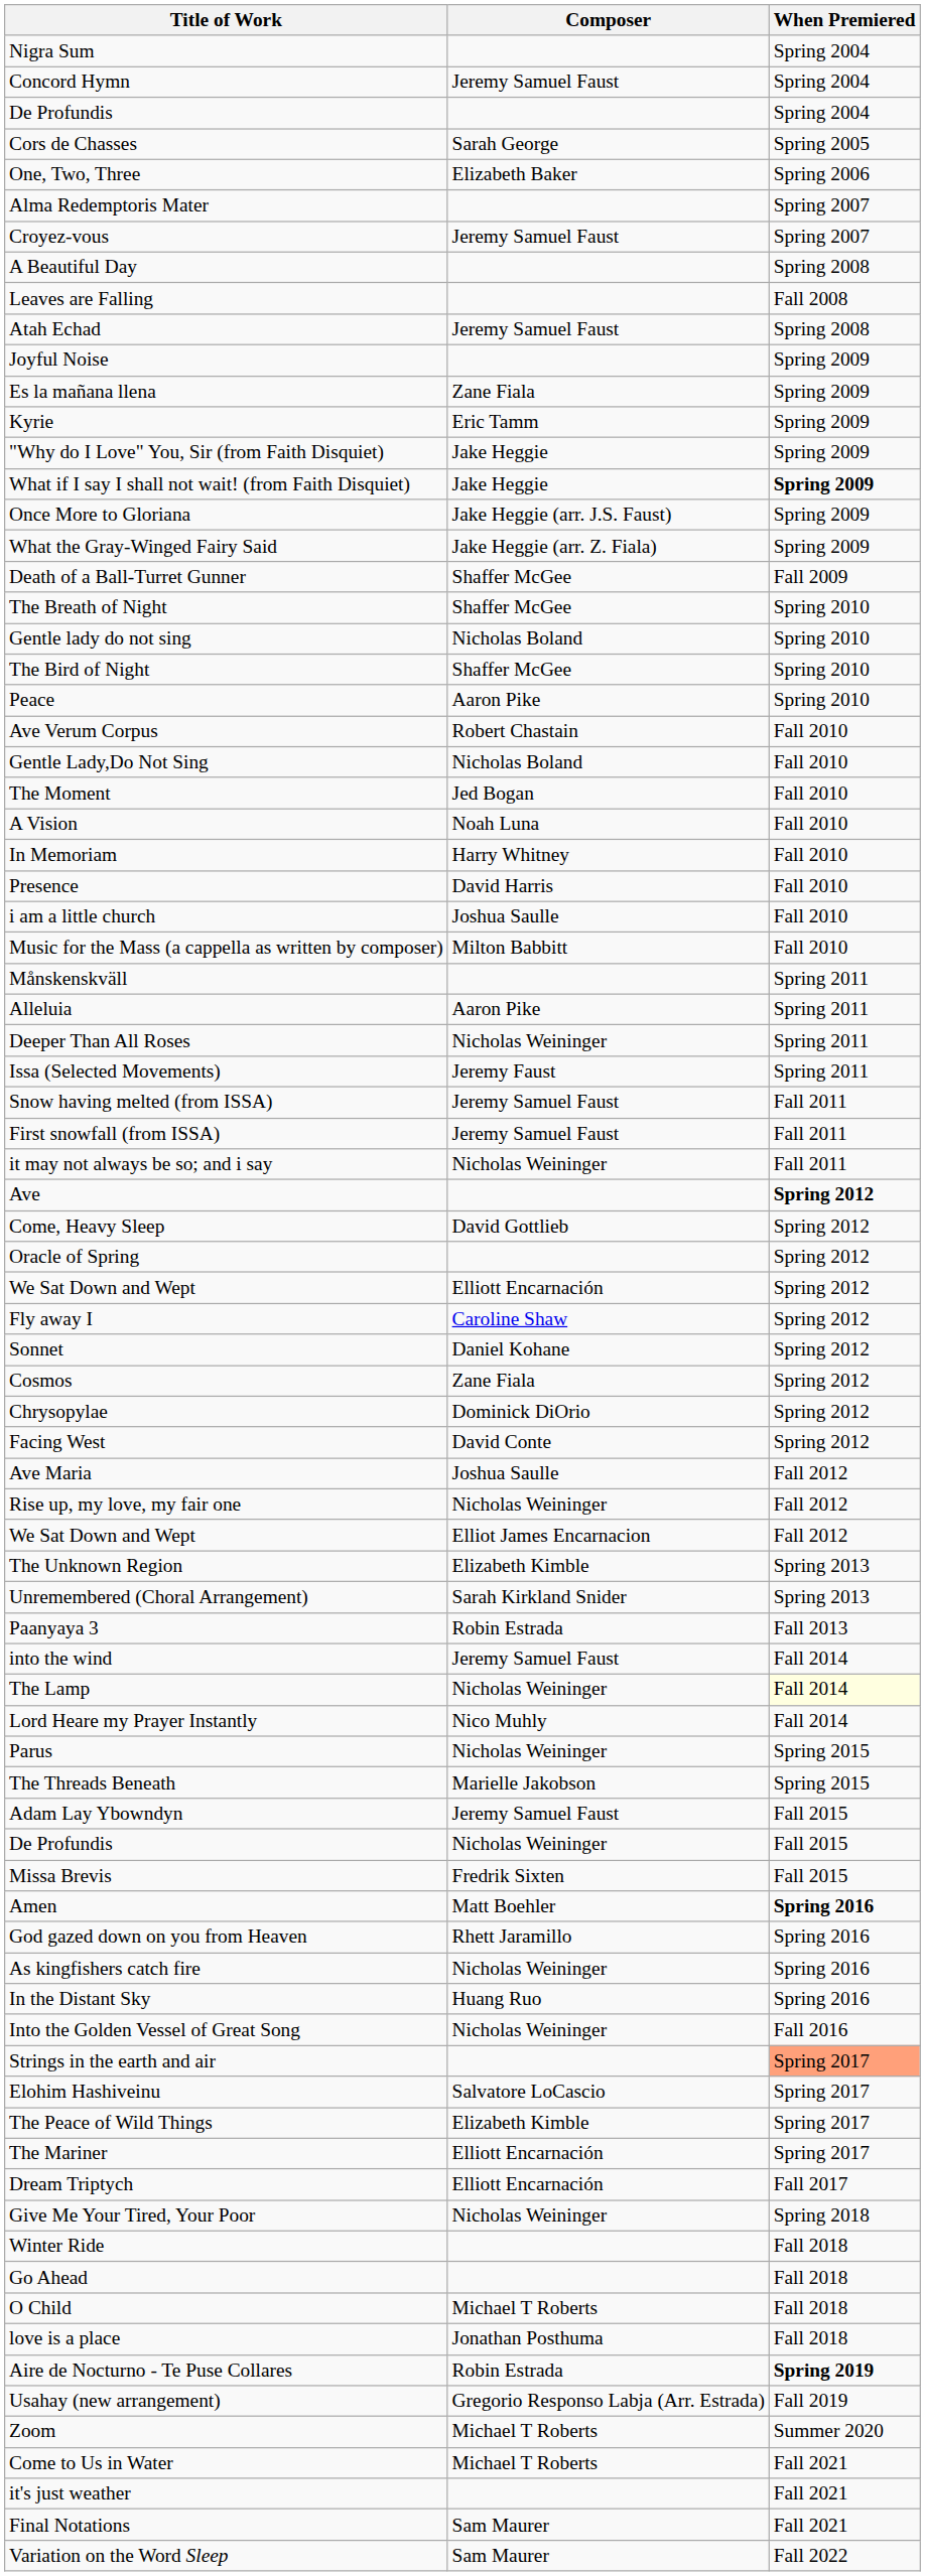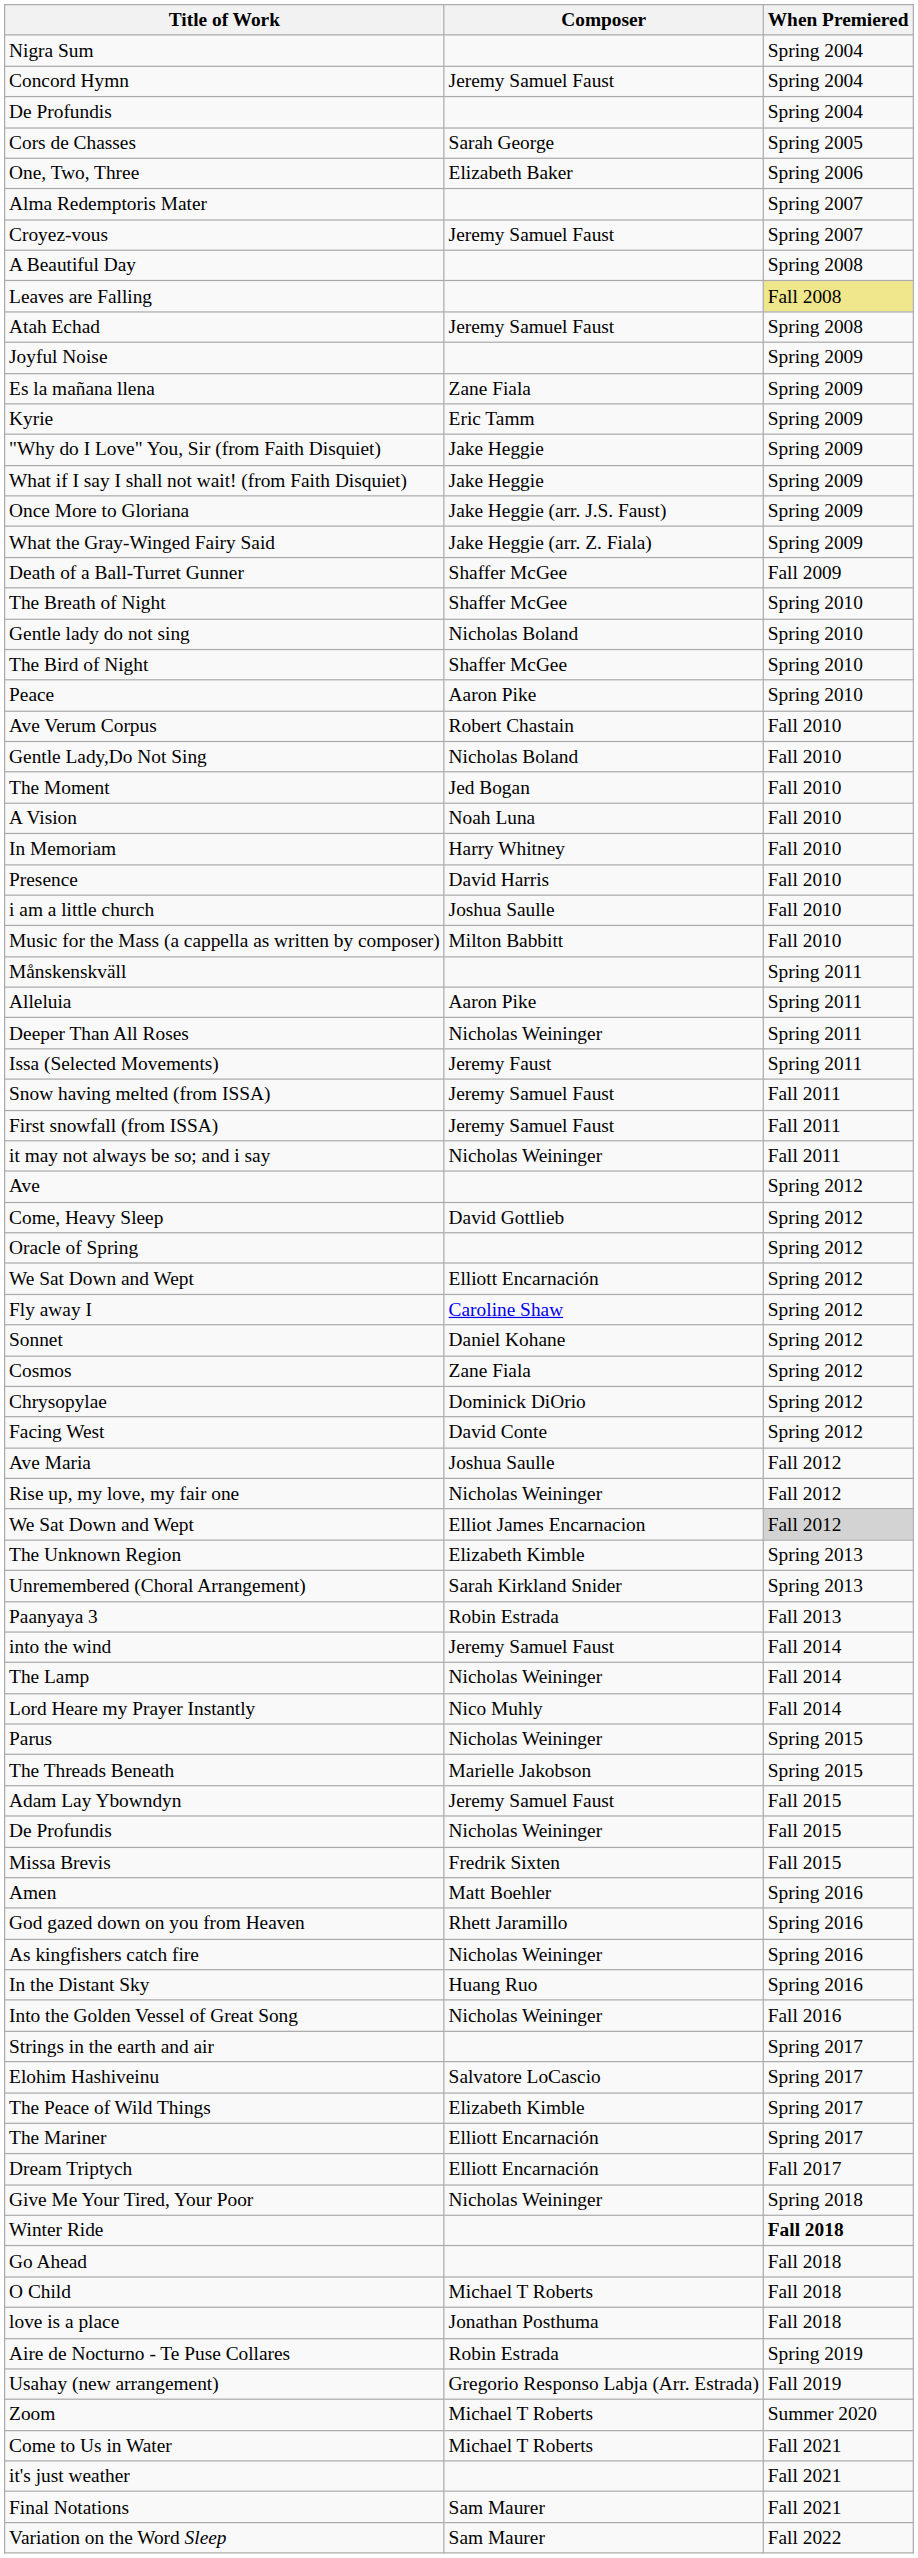 <table class="wikitable">
 <tr>
 <th>Title of Work</th>
 <th>Composer</th>
 <th>When Premiered</th>
 </tr>
 <tr>
 <td>Nigra Sum</td>
 <td></td>
 <td>Spring 2004</td>
 </tr>
 <tr>
 <td>Concord Hymn</td>
 <td>Jeremy Samuel Faust</td>
 <td>Spring 2004</td>
 </tr>
 <tr>
 <td>De Profundis</td>
 <td></td>
 <td>Spring 2004</td>
 </tr>
 <tr>
 <td>Cors de Chasses</td>
 <td>Sarah George</td>
 <td>Spring 2005</td>
 </tr>
 <tr>
 <td>One, Two, Three</td>
 <td>Elizabeth Baker</td>
 <td>Spring 2006</td>
 </tr>
 <tr>
 <td>Alma Redemptoris Mater</td>
 <td></td>
 <td>Spring 2007</td>
 </tr>
 <tr>
 <td>Croyez-vous</td>
 <td>Jeremy Samuel Faust</td>
 <td>Spring 2007</td>
 </tr>
 <tr>
 <td>A Beautiful Day</td>
 <td></td>
 <td>Spring 2008</td>
 </tr>
 <tr>
 <td>Leaves are Falling</td>
 <td></td>
-<td>Fall 2008</td>
+<td style="background: khaki;">Fall 2008</td>
 </tr>
 <tr>
 <td>Atah Echad</td>
 <td>Jeremy Samuel Faust</td>
 <td>Spring 2008</td>
 </tr>
 <tr>
 <td>Joyful Noise</td>
 <td></td>
 <td>Spring 2009</td>
 </tr>
 <tr>
 <td>Es la mañana llena</td>
 <td>Zane Fiala</td>
 <td>Spring 2009</td>
 </tr>
 <tr>
 <td>Kyrie</td>
 <td>Eric Tamm</td>
 <td>Spring 2009</td>
 </tr>
 <tr>
 <td>"Why do I Love" You, Sir (from Faith Disquiet)</td>
 <td>Jake Heggie</td>
 <td>Spring 2009</td>
 </tr>
 <tr>
 <td>What if I say I shall not wait! (from Faith Disquiet)</td>
 <td>Jake Heggie</td>
-<td><strong>Spring 2009</strong></td>
+<td>Spring 2009</td>
 </tr>
 <tr>
 <td>Once More to Gloriana</td>
 <td>Jake Heggie (arr. J.S. Faust)</td>
 <td>Spring 2009</td>
 </tr>
 <tr>
 <td>What the Gray-Winged Fairy Said</td>
 <td>Jake Heggie (arr. Z. Fiala)</td>
 <td>Spring 2009</td>
 </tr>
 <tr>
 <td>Death of a Ball-Turret Gunner</td>
 <td>Shaffer McGee</td>
 <td>Fall 2009</td>
 </tr>
 <tr>
 <td>The Breath of Night</td>
 <td>Shaffer McGee</td>
 <td>Spring 2010</td>
 </tr>
 <tr>
 <td>Gentle lady do not sing</td>
 <td>Nicholas Boland</td>
 <td>Spring 2010</td>
 </tr>
 <tr>
 <td>The Bird of Night</td>
 <td>Shaffer McGee</td>
 <td>Spring 2010</td>
 </tr>
 <tr>
 <td>Peace</td>
 <td>Aaron Pike</td>
 <td>Spring 2010</td>
 </tr>
 <tr>
 <td>Ave Verum Corpus</td>
 <td>Robert Chastain</td>
 <td>Fall 2010</td>
 </tr>
 <tr>
 <td>Gentle Lady,Do Not Sing</td>
 <td>Nicholas Boland</td>
 <td>Fall 2010</td>
 </tr>
 <tr>
 <td>The Moment</td>
 <td>Jed Bogan</td>
 <td>Fall 2010</td>
 </tr>
 <tr>
 <td>A Vision</td>
 <td>Noah Luna</td>
 <td>Fall 2010</td>
 </tr>
 <tr>
 <td>In Memoriam</td>
 <td>Harry Whitney</td>
 <td>Fall 2010</td>
 </tr>
 <tr>
 <td>Presence</td>
 <td>David Harris</td>
 <td>Fall 2010</td>
 </tr>
 <tr>
 <td>i am a little church</td>
 <td>Joshua Saulle</td>
 <td>Fall 2010</td>
 </tr>
 <tr>
 <td>Music for the Mass (a cappella as written by composer)</td>
 <td>Milton Babbitt</td>
 <td>Fall 2010</td>
 </tr>
 <tr>
 <td>Månskenskväll</td>
 <td></td>
 <td>Spring 2011</td>
 </tr>
 <tr>
 <td>Alleluia</td>
 <td>Aaron Pike</td>
 <td>Spring 2011</td>
 </tr>
 <tr>
 <td>Deeper Than All Roses</td>
 <td>Nicholas Weininger</td>
 <td>Spring 2011</td>
 </tr>
 <tr>
 <td>Issa (Selected Movements)</td>
 <td>Jeremy Faust</td>
 <td>Spring 2011</td>
 </tr>
 <tr>
 <td>Snow having melted (from ISSA)</td>
 <td>Jeremy Samuel Faust</td>
 <td>Fall 2011</td>
 </tr>
 <tr>
 <td>First snowfall (from ISSA)</td>
 <td>Jeremy Samuel Faust</td>
 <td>Fall 2011</td>
 </tr>
 <tr>
 <td>it may not always be so; and i say</td>
 <td>Nicholas Weininger</td>
 <td>Fall 2011</td>
 </tr>
 <tr>
 <td>Ave</td>
 <td></td>
-<td><strong>Spring 2012</strong></td>
+<td>Spring 2012</td>
 </tr>
 <tr>
 <td>Come, Heavy Sleep</td>
 <td>David Gottlieb</td>
 <td>Spring 2012</td>
 </tr>
 <tr>
 <td>Oracle of Spring</td>
 <td></td>
 <td>Spring 2012</td>
 </tr>
 <tr>
 <td>We Sat Down and Wept</td>
 <td>Elliott Encarnación</td>
 <td>Spring 2012</td>
 </tr>
 <tr>
 <td>Fly away I</td>
 <td><a href='#'>Caroline Shaw</a></td>
 <td>Spring 2012</td>
 </tr>
 <tr>
 <td>Sonnet</td>
 <td>Daniel Kohane</td>
 <td>Spring 2012</td>
 </tr>
 <tr>
 <td>Cosmos</td>
 <td>Zane Fiala</td>
 <td>Spring 2012</td>
 </tr>
 <tr>
 <td>Chrysopylae</td>
 <td>Dominick DiOrio</td>
 <td>Spring 2012</td>
 </tr>
 <tr>
 <td>Facing West</td>
 <td>David Conte</td>
 <td>Spring 2012</td>
 </tr>
 <tr>
 <td>Ave Maria</td>
 <td>Joshua Saulle</td>
 <td>Fall 2012</td>
 </tr>
 <tr>
 <td>Rise up, my love, my fair one</td>
 <td>Nicholas Weininger</td>
 <td>Fall 2012</td>
 </tr>
 <tr>
 <td>We Sat Down and Wept</td>
 <td>Elliot James Encarnacion</td>
-<td>Fall 2012</td>
+<td style="background: lightgrey;">Fall 2012</td>
 </tr>
 <tr>
 <td>The Unknown Region</td>
 <td>Elizabeth Kimble</td>
 <td>Spring 2013</td>
 </tr>
 <tr>
 <td>Unremembered (Choral Arrangement)</td>
 <td>Sarah Kirkland Snider</td>
 <td>Spring 2013</td>
 </tr>
 <tr>
 <td>Paanyaya 3</td>
 <td>Robin Estrada</td>
 <td>Fall 2013</td>
 </tr>
 <tr>
 <td>into the wind</td>
 <td>Jeremy Samuel Faust</td>
 <td>Fall 2014</td>
 </tr>
 <tr>
 <td>The Lamp</td>
 <td>Nicholas Weininger</td>
-<td style="background: lightyellow;">Fall 2014</td>
+<td>Fall 2014</td>
 </tr>
 <tr>
 <td>Lord Heare my Prayer Instantly</td>
 <td>Nico Muhly</td>
 <td>Fall 2014</td>
 </tr>
 <tr>
 <td>Parus</td>
 <td>Nicholas Weininger</td>
 <td>Spring 2015</td>
 </tr>
 <tr>
 <td>The Threads Beneath</td>
 <td>Marielle Jakobson</td>
 <td>Spring 2015</td>
 </tr>
 <tr>
 <td>Adam Lay Ybowndyn</td>
 <td>Jeremy Samuel Faust</td>
 <td>Fall 2015</td>
 </tr>
 <tr>
 <td>De Profundis</td>
 <td>Nicholas Weininger</td>
 <td>Fall 2015</td>
 </tr>
 <tr>
 <td>Missa Brevis</td>
 <td>Fredrik Sixten</td>
 <td>Fall 2015</td>
 </tr>
 <tr>
 <td>Amen</td>
 <td>Matt Boehler</td>
-<td><strong>Spring 2016</strong></td>
+<td>Spring 2016</td>
 </tr>
 <tr>
 <td>God gazed down on you from Heaven</td>
 <td>Rhett Jaramillo</td>
 <td>Spring 2016</td>
 </tr>
 <tr>
 <td>As kingfishers catch fire</td>
 <td>Nicholas Weininger</td>
 <td>Spring 2016</td>
 </tr>
 <tr>
 <td>In the Distant Sky</td>
 <td>Huang Ruo</td>
 <td>Spring 2016</td>
 </tr>
 <tr>
 <td>Into the Golden Vessel of Great Song</td>
 <td>Nicholas Weininger</td>
 <td>Fall 2016</td>
 </tr>
 <tr>
 <td>Strings in the earth and air</td>
 <td></td>
-<td style="background: lightsalmon;">Spring 2017</td>
+<td>Spring 2017</td>
 </tr>
 <tr>
 <td>Elohim Hashiveinu</td>
 <td>Salvatore LoCascio</td>
 <td>Spring 2017</td>
 </tr>
 <tr>
 <td>The Peace of Wild Things</td>
 <td>Elizabeth Kimble</td>
 <td>Spring 2017</td>
 </tr>
 <tr>
 <td>The Mariner</td>
 <td>Elliott Encarnación</td>
 <td>Spring 2017</td>
 </tr>
 <tr>
 <td>Dream Triptych</td>
 <td>Elliott Encarnación</td>
 <td>Fall 2017</td>
 </tr>
 <tr>
 <td>Give Me Your Tired, Your Poor</td>
 <td>Nicholas Weininger</td>
 <td>Spring 2018</td>
 </tr>
 <tr>
 <td>Winter Ride</td>
 <td></td>
-<td>Fall 2018</td>
+<td><strong>Fall 2018</strong></td>
 </tr>
 <tr>
 <td>Go Ahead</td>
 <td></td>
 <td>Fall 2018</td>
 </tr>
 <tr>
 <td>O Child</td>
 <td>Michael T Roberts</td>
 <td>Fall 2018</td>
 </tr>
 <tr>
 <td>love is a place</td>
 <td>Jonathan Posthuma</td>
 <td>Fall 2018</td>
 </tr>
 <tr>
 <td>Aire de Nocturno - Te Puse Collares</td>
 <td>Robin Estrada</td>
-<td><strong>Spring 2019</strong></td>
+<td>Spring 2019</td>
 </tr>
 <tr>
 <td>Usahay (new arrangement)</td>
 <td>Gregorio Responso Labja (Arr. Estrada)</td>
 <td>Fall 2019</td>
 </tr>
 <tr>
 <td>Zoom</td>
 <td>Michael T Roberts</td>
 <td>Summer 2020</td>
 </tr>
 <tr>
 <td>Come to Us in Water</td>
 <td>Michael T Roberts</td>
 <td>Fall 2021</td>
 </tr>
 <tr>
 <td>it's just weather</td>
 <td></td>
 <td>Fall 2021</td>
 </tr>
 <tr>
 <td>Final Notations</td>
 <td>Sam Maurer</td>
 <td>Fall 2021</td>
 </tr>
 <tr>
 <td>Variation on the Word <em>Sleep</em></td>
 <td>Sam Maurer</td>
 <td>Fall 2022</td>
 </tr>
 </table>
